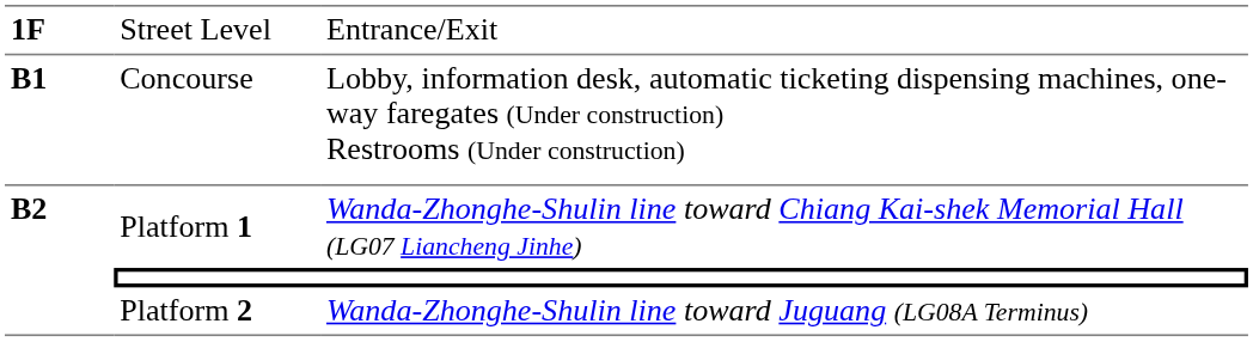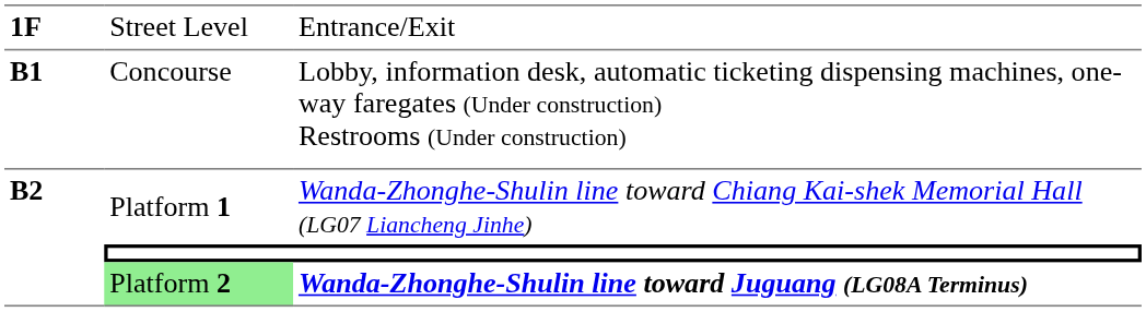 <table table border=0 cellspacing=0 cellpadding=3>
 <tr>
 <td style="border-bottom:solid 1px gray;border-top:solid 1px gray;" width=50 valign=top><strong>1F</strong></td>
 <td style="border-top:solid 1px gray;border-bottom:solid 1px gray;" width=100 valign=top>Street Level</td>
 <td style="border-top:solid 1px gray;border-bottom:solid 1px gray;" width=470 valign=top>Entrance/Exit</td>
 </tr>
 <tr>
 <td style="border-bottom:solid 1px gray;" rowspan=2 valign=top width=50><strong>B1</strong></td>
 <td style="border-bottom:solid 1px gray;" rowspan=2 valign=top width=100>Concourse</td>
 <td width=390>Lobby, information desk, automatic ticketing dispensing machines, one-way faregates <small>(Under construction)</small><br>Restrooms <small>(Under construction)</small></td>
 </tr>
 <tr>
 <td style="border-bottom:solid 1px gray;"></td>
 </tr>
 <tr>
 <td style="border-bottom:solid 1px gray;" rowspan=3 valign=top><strong>B2</strong></td>
 <td>Platform <span><strong>1</strong></span></td>
 <td><em> <a href='#'>Wanda-Zhonghe-Shulin line</a> toward <a href='#'>Chiang Kai-shek Memorial Hall</a> <small>(LG07 <a href='#'>Liancheng Jinhe</a>)</small></em></td>
 </tr>
 <tr>
 <td style="border:solid 2px black;" colspan=2><em></em></td>
 </tr>
 <tr>
-<td style="border-bottom:solid 1px gray;">Platform <span><strong>2</strong></span></td>
-<td style="border-bottom:solid 1px gray;"><em> <a href='#'>Wanda-Zhonghe-Shulin line</a> toward <a href='#'>Juguang</a> <small>(LG08A Terminus)</small></em></td>
+<td style="background: lightgreen; border-bottom:solid 1px gray;">Platform <span><strong>2</strong></span></td>
+<td style="border-bottom:solid 1px gray;"><strong><em> <a href='#'>Wanda-Zhonghe-Shulin line</a> toward <a href='#'>Juguang</a> <small>(LG08A Terminus)</small></em></strong></td>
 </tr>
 </table>
